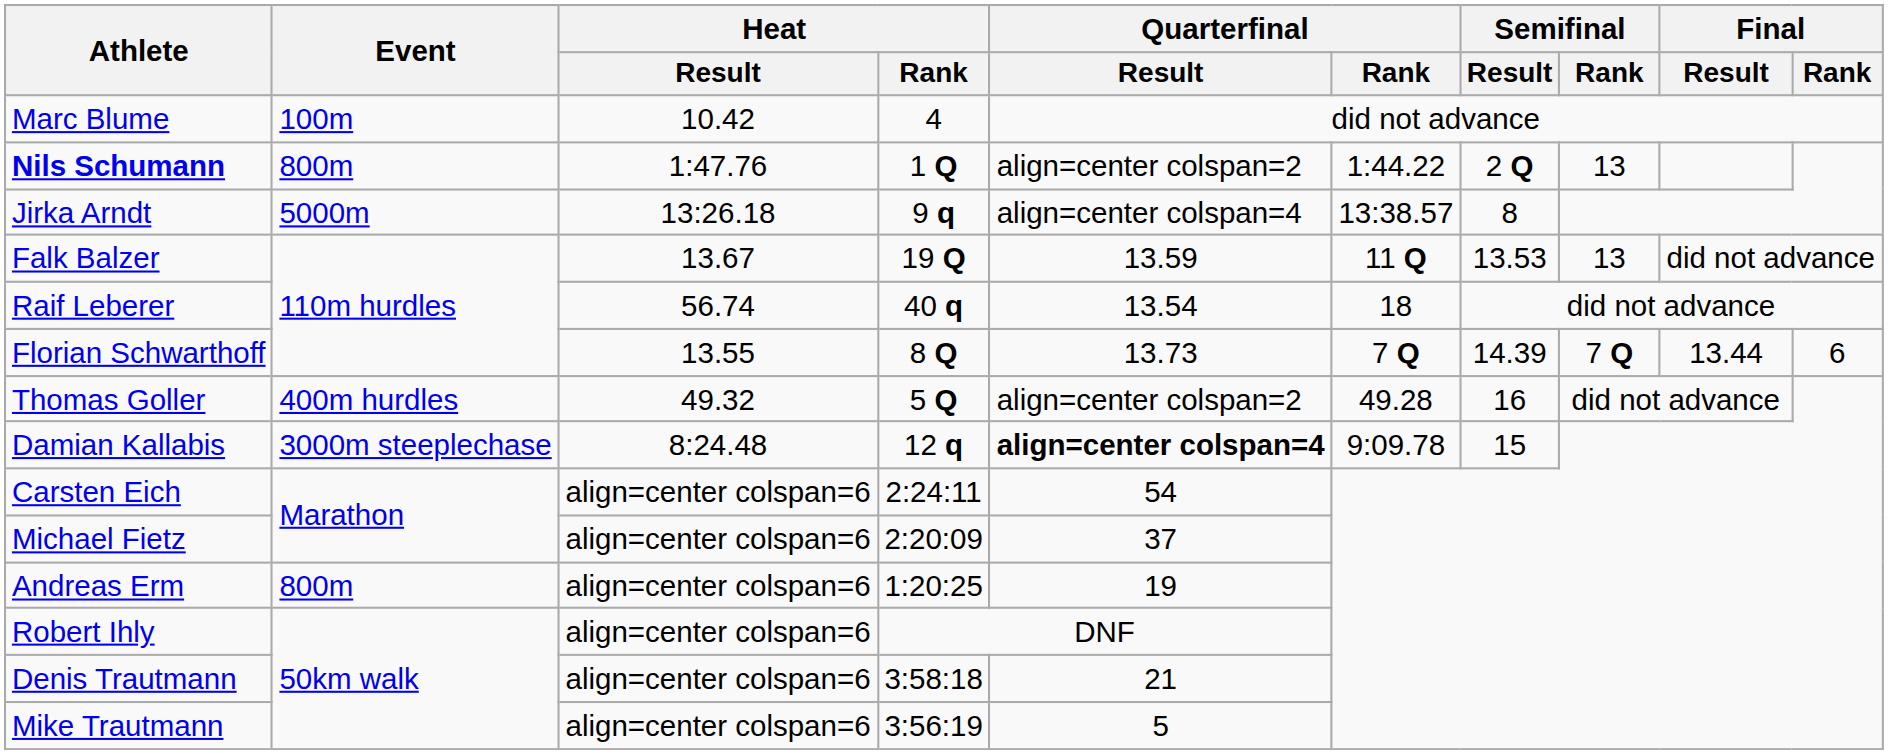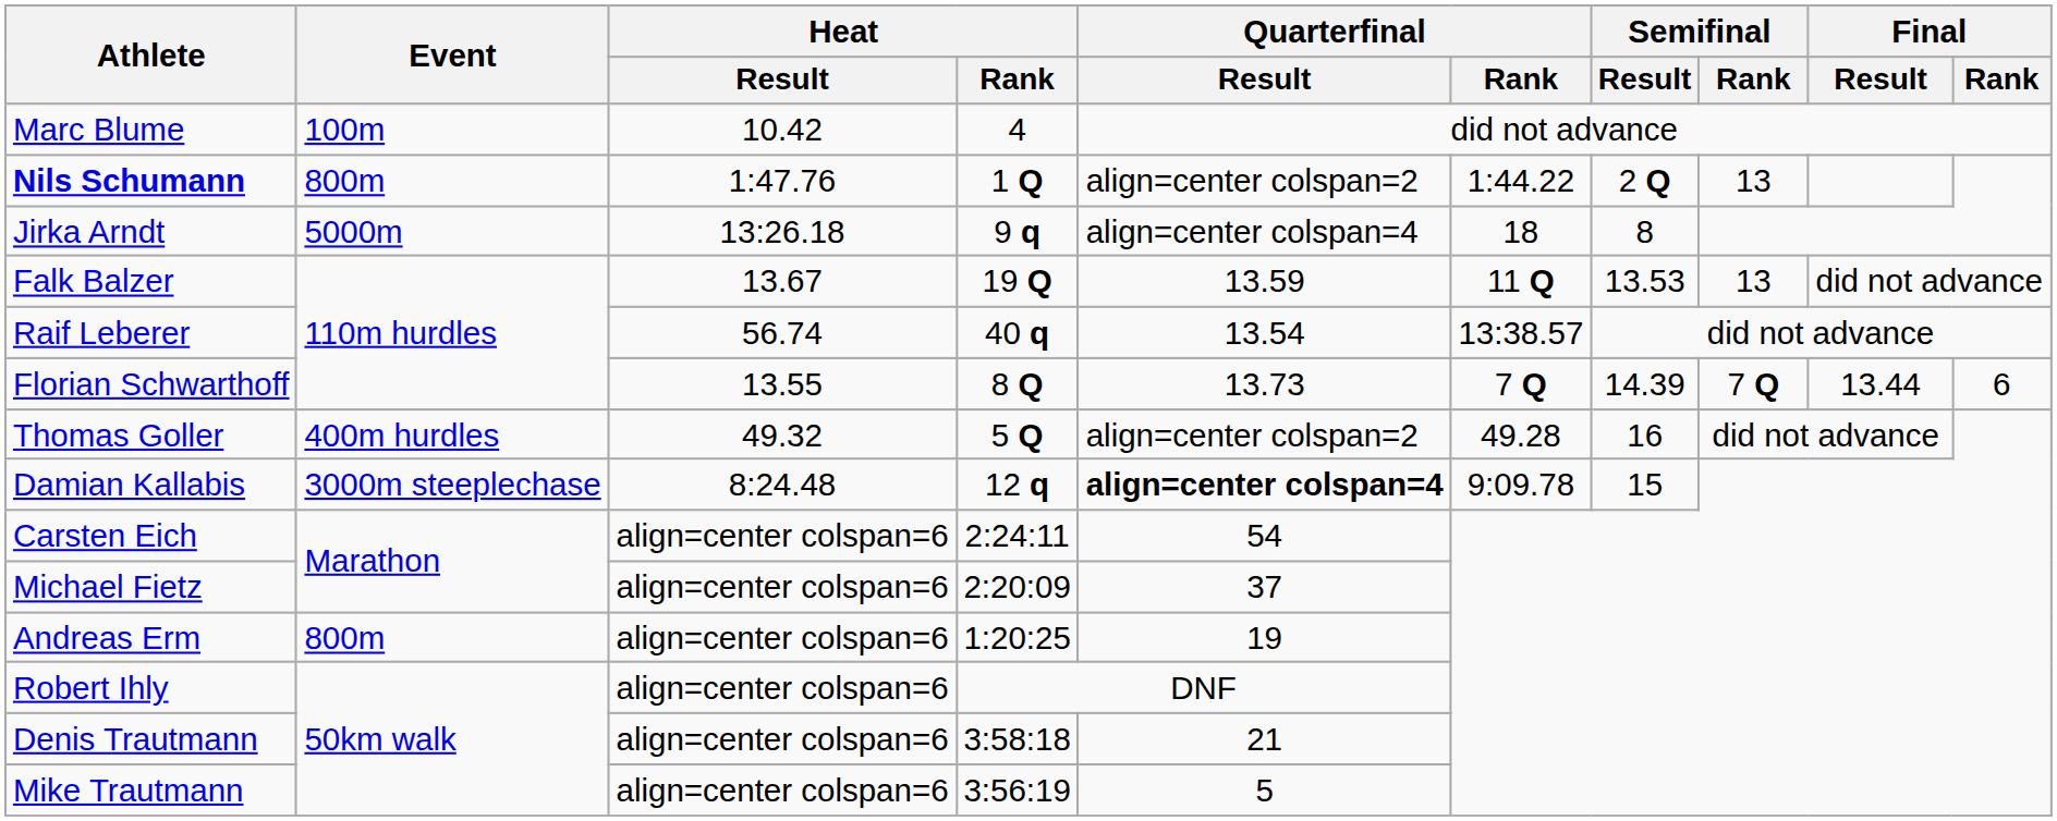 <table class=wikitable style="font-size:90%">
 <tr>
 <th rowspan="2">Athlete</th>
 <th rowspan="2">Event</th>
 <th colspan="2">Heat</th>
 <th colspan="2">Quarterfinal</th>
 <th colspan="2">Semifinal</th>
 <th colspan="2">Final</th>
 </tr>
 <tr style="font-size:95%">
 <th>Result</th>
 <th>Rank</th>
 <th>Result</th>
 <th>Rank</th>
 <th>Result</th>
 <th>Rank</th>
 <th>Result</th>
 <th>Rank</th>
 </tr>
 <tr>
 <td align=left><a href='#'>Marc Blume</a></td>
 <td align=left><a href='#'>100m</a></td>
 <td align=center>10.42</td>
 <td align=center>4</td>
 <td align=center colspan=6>did not advance</td>
 </tr>
 <tr>
 <td align=left><strong><a href='#'>Nils Schumann</a></strong></td>
 <td align=left><a href='#'>800m</a></td>
 <td align=center>1:47.76</td>
 <td align=center>1 <strong>Q</strong></td>
 <td>align=center colspan=2 </td>
 <td align=center>1:44.22</td>
 <td align=center>2 <strong>Q</strong></td>
 <td align=center>13</td>
 <td align=center></td>
 </tr>
 <tr>
 <td align=left><a href='#'>Jirka Arndt</a></td>
 <td align=left><a href='#'>5000m</a></td>
 <td align=center>13:26.18</td>
 <td align=center>9 <strong>q</strong></td>
 <td>align=center colspan=4 </td>
-<td align=center>13:38.57</td>
+<td align=center>18</td>
 <td align=center>8</td>
 </tr>
 <tr>
 <td align=left><a href='#'>Falk Balzer</a></td>
 <td align=left rowspan=3><a href='#'>110m hurdles</a></td>
 <td align=center>13.67</td>
 <td align=center>19 <strong>Q</strong></td>
 <td align=center>13.59</td>
 <td align=center>11 <strong>Q</strong></td>
 <td align=center>13.53</td>
 <td align=center>13</td>
 <td align=center colspan=2>did not advance</td>
 </tr>
 <tr>
 <td align=left><a href='#'>Raif Leberer</a></td>
 <td align=center>56.74</td>
 <td align=center>40 <strong>q</strong></td>
 <td align=center>13.54</td>
-<td align=center>18</td>
+<td align=center>13:38.57</td>
 <td align=center colspan=4>did not advance</td>
 </tr>
 <tr>
 <td align=left><a href='#'>Florian Schwarthoff</a></td>
 <td align=center>13.55</td>
 <td align=center>8 <strong>Q</strong></td>
 <td align=center>13.73</td>
 <td align=center>7 <strong>Q</strong></td>
 <td align=center>14.39</td>
 <td align=center>7 <strong>Q</strong></td>
 <td align=center>13.44</td>
 <td align=center>6</td>
 </tr>
 <tr>
 <td align=left><a href='#'>Thomas Goller</a></td>
 <td align=left><a href='#'>400m hurdles</a></td>
 <td align=center>49.32</td>
 <td align=center>5 <strong>Q</strong></td>
 <td>align=center colspan=2 </td>
 <td align=center>49.28</td>
 <td align=center>16</td>
 <td align=center colspan=2>did not advance</td>
 </tr>
 <tr>
 <td align=left><a href='#'>Damian Kallabis</a></td>
 <td align=left><a href='#'>3000m steeplechase</a></td>
 <td align=center>8:24.48</td>
 <td align=center>12 <strong>q</strong></td>
 <td><strong>align=center colspan=4 </strong></td>
 <td align=center>9:09.78</td>
 <td align=center>15</td>
 </tr>
 <tr>
 <td align=left><a href='#'>Carsten Eich</a></td>
 <td align=left rowspan=2><a href='#'>Marathon</a></td>
 <td>align=center colspan=6 </td>
 <td align=center>2:24:11</td>
 <td align=center>54</td>
 </tr>
 <tr>
 <td align=left><a href='#'>Michael Fietz</a></td>
 <td>align=center colspan=6 </td>
 <td align=center>2:20:09</td>
 <td align=center>37</td>
 </tr>
 <tr>
 <td align=left><a href='#'>Andreas Erm</a></td>
 <td align=left><a href='#'>800m</a></td>
 <td>align=center colspan=6 </td>
 <td align=center>1:20:25</td>
 <td align=center>19</td>
 </tr>
 <tr>
 <td align=left><a href='#'>Robert Ihly</a></td>
 <td align=left rowspan=3><a href='#'>50km walk</a></td>
 <td>align=center colspan=6 </td>
 <td align=center colspan=2>DNF</td>
 </tr>
 <tr>
 <td align=left><a href='#'>Denis Trautmann</a></td>
 <td>align=center colspan=6 </td>
 <td align=center>3:58:18</td>
 <td align=center>21</td>
 </tr>
 <tr>
 <td align=left><a href='#'>Mike Trautmann</a></td>
 <td>align=center colspan=6 </td>
 <td align=center>3:56:19</td>
 <td align=center>5</td>
 </tr>
 </table>
